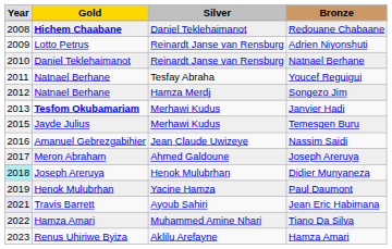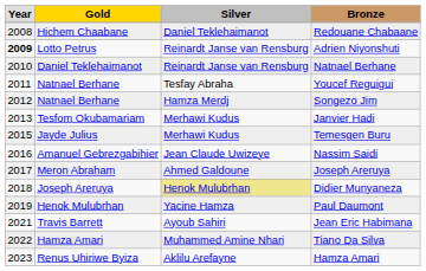 <table class="wikitable sortable" style="font-size:95%">
 <tr style="text-align:center; background:#e4e4e4; font-weight:bold;">
 <td style="background:#ddd;">Year</td>
 <td style="background:gold;">Gold</td>
 <td style="background:silver;">Silver</td>
 <td style="background:#c96;">Bronze</td>
 </tr>
 <tr style="background:#efefef;">
 </tr>
 <tr bgcolor="#EFEFEF">
 <td>2008</td>
-<td><strong> <a href='#'>Hichem Chaabane</a></strong></td>
+<td> <a href='#'>Hichem Chaabane</a></td>
 <td> <a href='#'>Daniel Teklehaimanot</a></td>
 <td> <a href='#'>Redouane Chabaane</a></td>
 </tr>
 <tr>
-<td>2009</td>
+<td><strong>2009</strong></td>
 <td> <a href='#'>Lotto Petrus</a></td>
 <td> <a href='#'>Reinardt Janse van Rensburg</a></td>
 <td> <a href='#'>Adrien Niyonshuti</a></td>
 </tr>
 <tr bgcolor="#EFEFEF">
 <td>2010</td>
 <td> <a href='#'>Daniel Teklehaimanot</a></td>
 <td> <a href='#'>Reinardt Janse van Rensburg</a></td>
 <td> <a href='#'>Natnael Berhane</a></td>
 </tr>
 <tr>
 <td>2011</td>
 <td> <a href='#'>Natnael Berhane</a></td>
 <td> Tesfay Abraha</td>
 <td> <a href='#'>Youcef Reguigui</a></td>
 </tr>
 <tr bgcolor="#EFEFEF">
 <td>2012</td>
 <td> <a href='#'>Natnael Berhane</a></td>
 <td> <a href='#'>Hamza Merdj</a></td>
 <td> <a href='#'>Songezo Jim</a></td>
 </tr>
 <tr>
 <td>2013</td>
-<td><strong> <a href='#'>Tesfom Okubamariam</a></strong></td>
+<td> <a href='#'>Tesfom Okubamariam</a></td>
 <td> <a href='#'>Merhawi Kudus</a></td>
 <td> <a href='#'>Janvier Hadi</a></td>
 </tr>
 <tr bgcolor="#EFEFEF">
 <td>2015</td>
 <td> <a href='#'>Jayde Julius</a></td>
 <td> <a href='#'>Merhawi Kudus</a></td>
 <td> <a href='#'>Temesgen Buru</a></td>
 </tr>
 <tr>
 <td>2016</td>
 <td> <a href='#'>Amanuel Gebrezgabihier</a></td>
 <td> <a href='#'>Jean Claude Uwizeye</a></td>
 <td> <a href='#'>Nassim Saidi</a></td>
 </tr>
 <tr bgcolor="#EFEFEF">
 <td>2017</td>
 <td> <a href='#'>Meron Abraham</a></td>
 <td> <a href='#'>Ahmed Galdoune</a></td>
 <td> <a href='#'>Joseph Areruya</a></td>
 </tr>
 <tr>
-<td style="background: paleturquoise;">2018</td>
+<td>2018</td>
 <td> <a href='#'>Joseph Areruya</a></td>
-<td> <a href='#'>Henok Mulubrhan</a></td>
+<td style="background: khaki;"> <a href='#'>Henok Mulubrhan</a></td>
 <td> <a href='#'>Didier Munyaneza</a></td>
 </tr>
 <tr bgcolor="#EFEFEF">
 <td>2019</td>
 <td> <a href='#'>Henok Mulubrhan</a></td>
 <td> <a href='#'>Yacine Hamza</a></td>
 <td> <a href='#'>Paul Daumont</a></td>
 </tr>
 <tr>
-<td style="background: lavender;">2021</td>
+<td>2021</td>
 <td> <a href='#'>Travis Barrett</a></td>
 <td> <a href='#'>Ayoub Sahiri</a></td>
 <td> <a href='#'>Jean Eric Habimana</a></td>
 </tr>
 <tr bgcolor="#EFEFEF">
 <td>2022</td>
 <td> <a href='#'>Hamza Amari</a></td>
 <td> <a href='#'>Muhammed Amine Nhari</a></td>
 <td> <a href='#'>Tiano Da Silva</a></td>
 </tr>
 <tr>
 <td>2023</td>
 <td> <a href='#'>Renus Uhiriwe Byiza</a></td>
 <td> <a href='#'>Aklilu Arefayne</a></td>
 <td> <a href='#'>Hamza Amari</a></td>
 </tr>
 </table>
